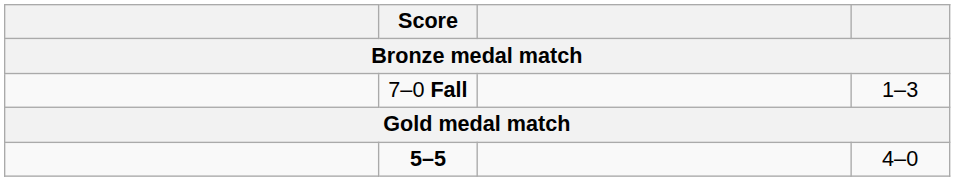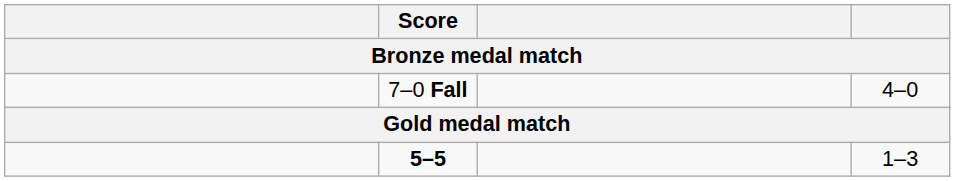 <table class="wikitable" style="text-align: left;">
 <tr>
 <th align="right" width="270"></th>
 <th width="65">Score</th>
 <th align="left" width="270"></th>
 <th width="65"></th>
 </tr>
 <tr>
 <th colspan=4>Bronze medal match</th>
 </tr>
 <tr>
 <td><strong></strong></td>
 <td align="center">7–0 <strong>Fall</strong></td>
 <td></td>
-<td align=center>1–3 <strong></strong></td>
+<td align=center>4–0 <strong></strong></td>
 </tr>
 <tr>
 <th colspan=4>Gold medal match</th>
 </tr>
 <tr>
 <td></td>
 <td align="center"><strong>5–5</strong></td>
 <td><strong></strong></td>
-<td align=center>4–0 <strong></strong></td>
+<td align=center>1–3 <strong></strong></td>
 </tr>
 </table>
